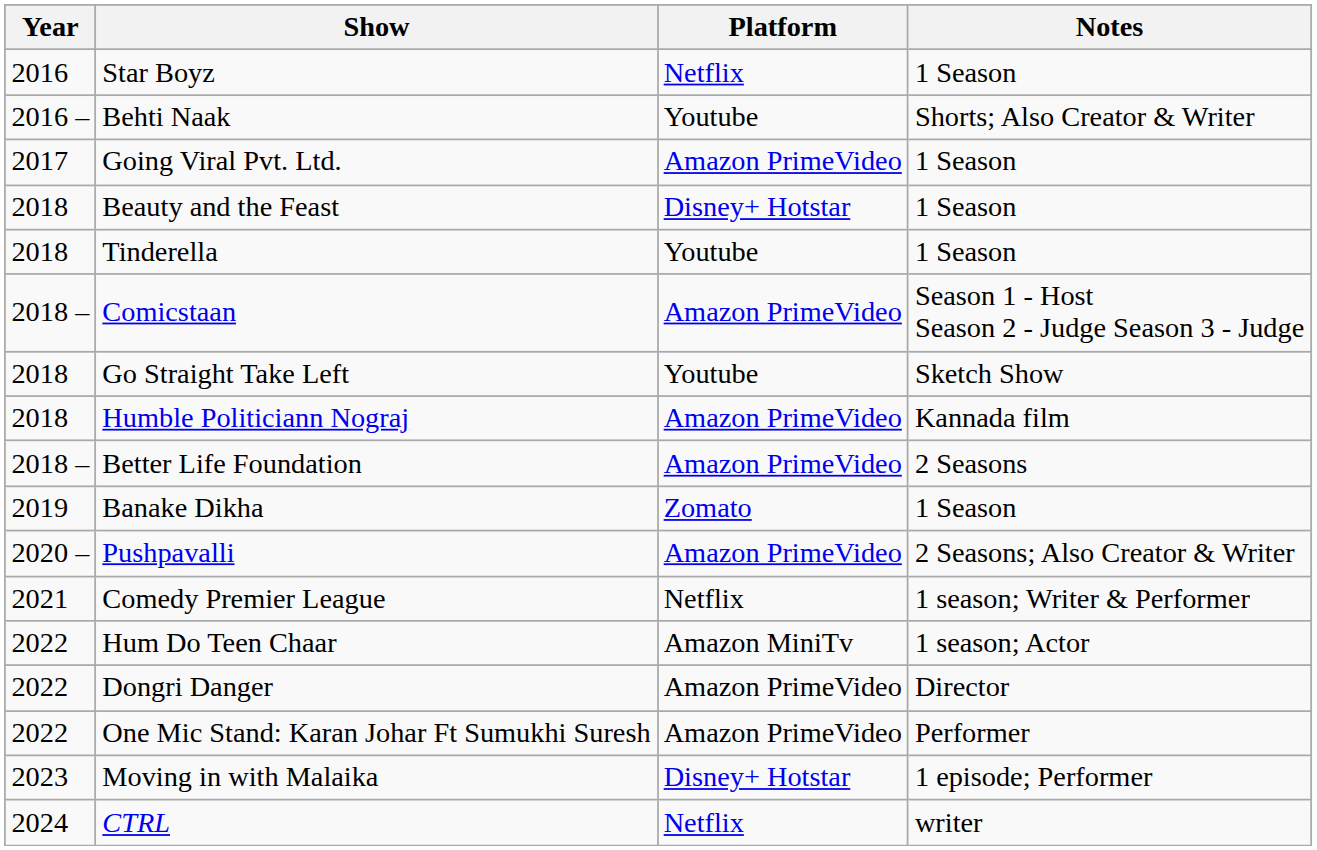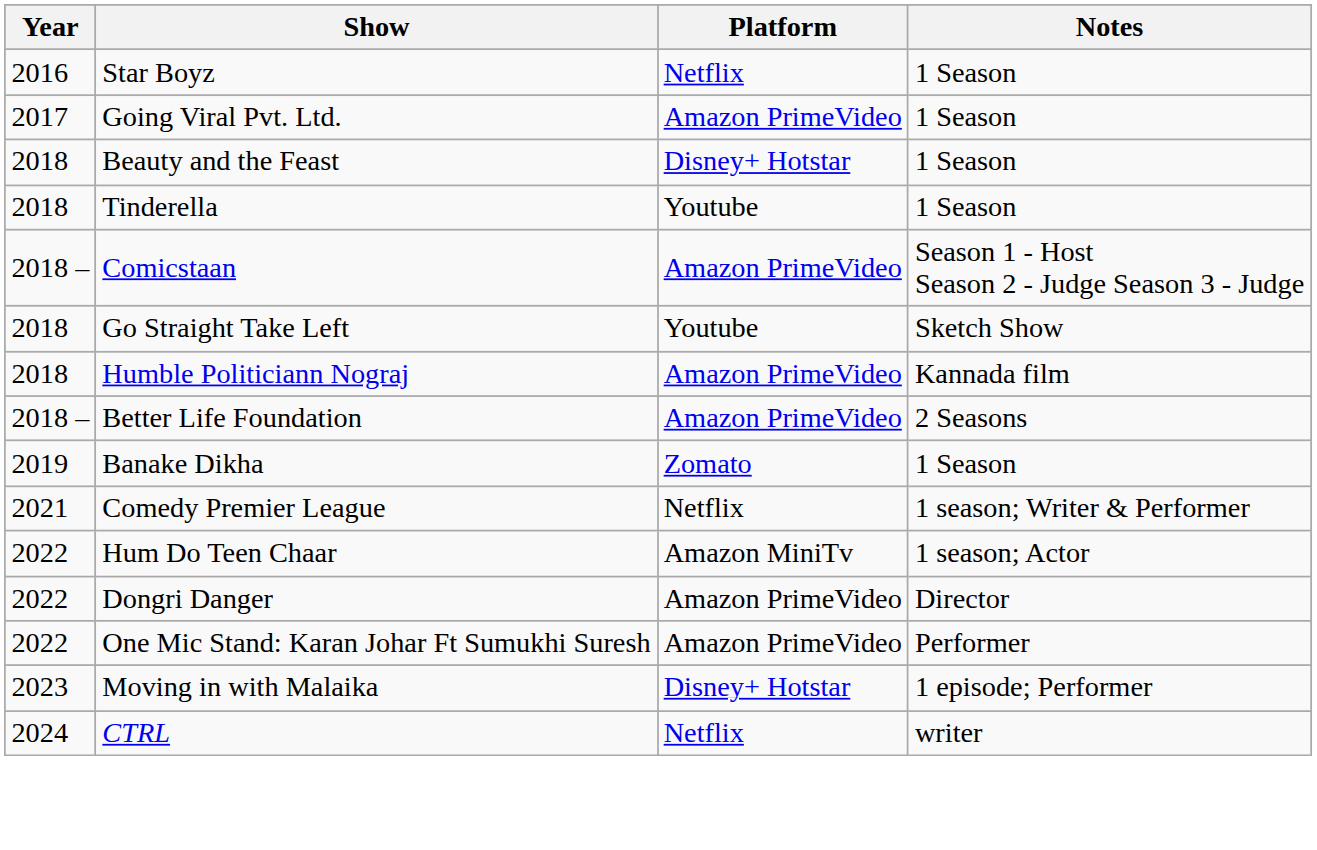 <table class="wikitable">
 <tr>
 <th>Year</th>
 <th>Show</th>
 <th>Platform</th>
 <th>Notes</th>
 </tr>
 <tr>
 <td>2016</td>
 <td>Star Boyz</td>
 <td><a href='#'>Netflix</a><em></td>
 <td>1 Season</td>
-</tr>
-<tr>
-<td>2016 –</td>
-<td>Behti Naak</td>
-<td>Youtube</td>
-<td>Shorts; Also Creator & Writer</td>
 </tr>
 <tr>
 <td>2017</td>
 <td>Going Viral Pvt. Ltd.</td>
 <td><a href='#'>Amazon PrimeVideo</a></td>
 <td>1 Season</td>
 </tr>
 <tr>
 <td>2018</td>
 <td>Beauty and the Feast</td>
 <td><a href='#'>Disney+ Hotstar</a></td>
 <td>1 Season</td>
 </tr>
 <tr>
 <td>2018</td>
 <td>Tinderella</td>
 <td>Youtube</td>
 <td>1 Season</td>
 </tr>
 <tr>
 <td>2018 –</td>
 <td><a href='#'>Comicstaan</a></td>
 <td><a href='#'>Amazon PrimeVideo</a></td>
 <td>Season 1 - Host<br>Season 2 - Judge Season 3 - Judge</td>
 </tr>
 <tr>
 <td>2018</td>
 <td>Go Straight Take Left</td>
 <td>Youtube</td>
 <td>Sketch Show</td>
 </tr>
 <tr>
 <td>2018</td>
 <td><a href='#'>Humble Politiciann Nograj</a></td>
 <td><a href='#'>Amazon PrimeVideo</a></td>
 <td>Kannada film</td>
 </tr>
 <tr>
 <td>2018 –</td>
 <td>Better Life Foundation</td>
 <td><a href='#'>Amazon PrimeVideo</a></td>
 <td>2 Seasons</td>
 </tr>
 <tr>
 <td>2019</td>
 <td>Banake Dikha</td>
 <td><a href='#'>Zomato</a></td>
 <td>1 Season</td>
 </tr>
 <tr>
-<td>2020 –</td>
-<td><a href='#'>Pushpavalli</a></td>
-<td><a href='#'>Amazon PrimeVideo</a></td>
-<td>2 Seasons; Also Creator & Writer</td>
-</tr>
-<tr>
 <td>2021</td>
 <td>Comedy Premier League</td>
 <td>Netflix</td>
 <td>1 season; Writer & Performer</td>
 </tr>
 <tr>
 <td>2022</td>
 <td>Hum Do Teen Chaar</td>
 <td>Amazon MiniTv</td>
 <td>1 season; Actor</td>
 </tr>
 <tr>
 <td>2022</td>
 <td>Dongri Danger</td>
 <td>Amazon PrimeVideo</td>
 <td>Director</td>
 </tr>
 <tr>
 <td>2022</td>
 <td>One Mic Stand: Karan Johar Ft Sumukhi Suresh</td>
 <td>Amazon PrimeVideo</td>
 <td>Performer</td>
 </tr>
 <tr>
 <td>2023</td>
 <td>Moving in with Malaika</td>
 <td><a href='#'>Disney+ Hotstar</a></td>
 <td>1 episode; Performer</td>
 </tr>
 <tr>
 <td>2024</td>
 <td><em><a href='#'>CTRL</a></em></td>
 <td><a href='#'>Netflix</a><em></td>
 <td>writer</td>
 </tr>
 </table>
